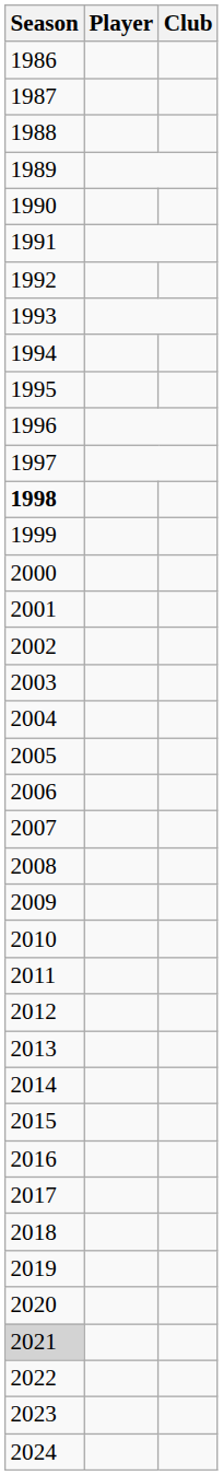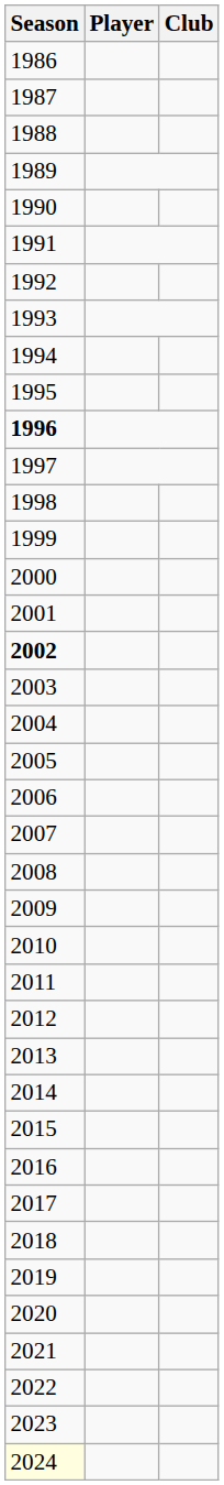 <table class="wikitable sortable">
 <tr>
 <th>Season</th>
 <th>Player</th>
 <th>Club</th>
 </tr>
 <tr>
 <td>1986</td>
 <td></td>
 <td></td>
 </tr>
 <tr>
 <td>1987</td>
 <td></td>
 <td></td>
 </tr>
 <tr>
 <td>1988</td>
 <td></td>
 <td></td>
 </tr>
 <tr>
 <td>1989</td>
 <td colspan="2"></td>
 </tr>
 <tr>
 <td>1990</td>
 <td></td>
 <td></td>
 </tr>
 <tr>
 <td>1991</td>
 <td colspan="2"></td>
 </tr>
 <tr>
 <td>1992</td>
 <td></td>
 <td></td>
 </tr>
 <tr>
 <td>1993</td>
 <td colspan="2"></td>
 </tr>
 <tr>
 <td>1994</td>
 <td> </td>
 <td></td>
 </tr>
 <tr>
 <td>1995</td>
 <td></td>
 <td></td>
 </tr>
 <tr>
-<td>1996</td>
+<td><strong>1996</strong></td>
 <td colspan="2"></td>
 </tr>
 <tr>
 <td>1997</td>
 <td colspan="2"></td>
 </tr>
 <tr>
-<td><strong>1998</strong></td>
+<td>1998</td>
 <td> </td>
 <td></td>
 </tr>
 <tr>
 <td>1999</td>
 <td></td>
 <td></td>
 </tr>
 <tr>
 <td>2000</td>
 <td> </td>
 <td></td>
 </tr>
 <tr>
 <td>2001</td>
 <td></td>
 <td></td>
 </tr>
 <tr>
-<td>2002</td>
+<td><strong>2002</strong></td>
 <td> </td>
 <td></td>
 </tr>
 <tr>
 <td>2003</td>
 <td> </td>
 <td></td>
 </tr>
 <tr>
 <td>2004</td>
 <td> </td>
 <td></td>
 </tr>
 <tr>
 <td>2005</td>
 <td></td>
 <td></td>
 </tr>
 <tr>
 <td>2006</td>
 <td> </td>
 <td></td>
 </tr>
 <tr>
 <td>2007</td>
 <td></td>
 <td></td>
 </tr>
 <tr>
 <td>2008</td>
 <td></td>
 <td></td>
 </tr>
 <tr>
 <td>2009</td>
 <td> </td>
 <td></td>
 </tr>
 <tr>
 <td>2010</td>
 <td></td>
 <td></td>
 </tr>
 <tr>
 <td>2011</td>
 <td></td>
 <td></td>
 </tr>
 <tr>
 <td>2012</td>
 <td></td>
 <td></td>
 </tr>
 <tr>
 <td>2013</td>
 <td></td>
 <td></td>
 </tr>
 <tr>
 <td>2014</td>
 <td></td>
 <td></td>
 </tr>
 <tr>
 <td>2015</td>
 <td></td>
 <td></td>
 </tr>
 <tr>
 <td>2016</td>
 <td></td>
 <td></td>
 </tr>
 <tr>
 <td>2017</td>
 <td> </td>
 <td></td>
 </tr>
 <tr>
 <td>2018</td>
 <td></td>
 <td></td>
 </tr>
 <tr>
 <td>2019</td>
 <td></td>
 <td></td>
 </tr>
 <tr>
 <td>2020</td>
 <td></td>
 <td></td>
 </tr>
 <tr>
-<td style="background: lightgrey;">2021</td>
+<td>2021</td>
 <td></td>
 <td></td>
 </tr>
 <tr>
 <td>2022</td>
 <td> </td>
 <td></td>
 </tr>
 <tr>
 <td>2023</td>
 <td> </td>
 <td></td>
 </tr>
 <tr>
-<td>2024</td>
+<td style="background: lightyellow;">2024</td>
 <td> </td>
 <td></td>
 </tr>
 </table>
